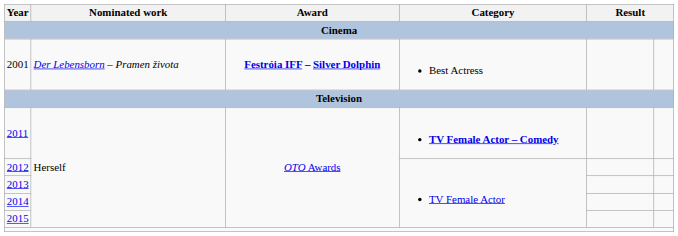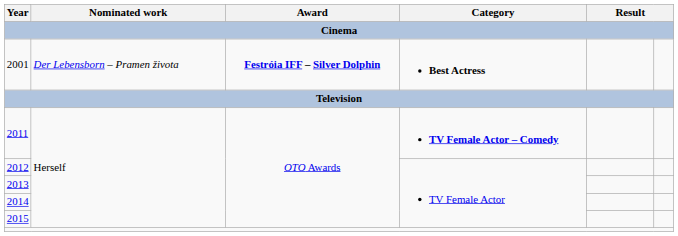 <table class="wikitable" style="text-align:left">
 <tr>
 <th width=4%>Year</th>
 <th width=29%>Nominated work</th>
 <th width=26%>Award</th>
 <th width=28%>Category</th>
 <th width=13% colspan=2>Result</th>
 </tr>
 <tr>
 <th colspan=7 style=background:#B0C4DE;>Cinema</th>
 </tr>
 <tr>
 <td>2001</td>
 <td><em><a href='#'>Der Lebensborn</a> – Pramen života</em></td>
 <td align=center><strong><a href='#'>Festróia IFF</a> – <a href='#'>Silver Dolphin</a></strong></td>
-<td><br><ul><li>Best Actress</li></ul></td>
+<td><strong><br><ul><li>Best Actress</li></ul></strong></td>
 <td></td>
 <td width=3% align=center></td>
 </tr>
 <tr>
 <th colspan=7 style=background:#B0C4DE;>Television</th>
 </tr>
 <tr>
 <td><a href='#'>2011</a></td>
 <td rowspan=5>Herself</td>
 <td rowspan=5 align=center><a href='#'><em>OTO</em> Awards</a></td>
 <td><strong><br><ul><li><a href='#'>TV Female Actor – Comedy</a></li></ul></strong></td>
 <td></td>
 <td width=3% align=center></td>
 </tr>
 <tr>
 <td><a href='#'>2012</a></td>
 <td rowspan=4><br><ul><li><a href='#'>TV Female Actor</a></li></ul></td>
 <td></td>
 <td width=3% align=center></td>
 </tr>
 <tr>
 <td><a href='#'>2013</a></td>
 <td></td>
 <td width=3% align=center></td>
 </tr>
 <tr>
 <td><a href='#'>2014</a></td>
 <td></td>
 <td width=3% align=center></td>
 </tr>
 <tr>
 <td><a href='#'>2015</a></td>
 <td></td>
 <td width=3% align=center></td>
 </tr>
 <tr>
 <td colspan=6 style=font-size:8pt></td>
 </tr>
 </table>
